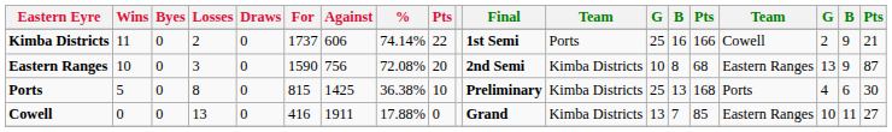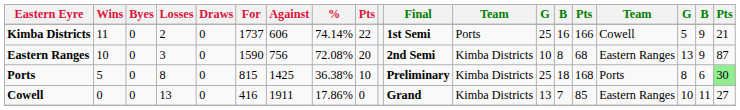 <table style="font-size: 85%; text-align: left;" class="wikitable">
 <tr>
 <th style="color:crimson">Eastern Eyre</th>
 <th style="color:crimson">Wins</th>
 <th style="color:crimson">Byes</th>
 <th style="color:crimson">Losses</th>
 <th style="color:crimson">Draws</th>
 <th style="color:crimson">For</th>
 <th style="color:crimson">Against</th>
 <th style="color:crimson">%</th>
 <th style="color:crimson">Pts</th>
 <th></th>
 <th style="color:green">Final</th>
 <th style="color:green">Team</th>
 <th style="color:green">G</th>
 <th style="color:green">B</th>
 <th style="color:green">Pts</th>
 <th style="color:green">Team</th>
 <th style="color:green">G</th>
 <th style="color:green">B</th>
 <th style="color:green">Pts</th>
 </tr>
 <tr>
 </tr>
 <tr>
 </tr>
 <tr>
 <td><strong>	Kimba Districts	</strong></td>
 <td>11</td>
 <td>0</td>
 <td>2</td>
 <td>0</td>
 <td>1737</td>
 <td>606</td>
 <td>74.14%</td>
 <td>22</td>
 <td></td>
 <td><strong>1st Semi</strong></td>
 <td>Ports</td>
 <td>25</td>
 <td>16</td>
 <td>166</td>
 <td>Cowell</td>
-<td>2</td>
+<td>5</td>
 <td>9</td>
 <td>21</td>
 </tr>
 <tr>
 <td><strong>	Eastern Ranges	</strong></td>
 <td>10</td>
 <td>0</td>
 <td>3</td>
 <td>0</td>
 <td>1590</td>
 <td>756</td>
 <td>72.08%</td>
 <td>20</td>
 <td></td>
 <td><strong>2nd Semi</strong></td>
 <td>Kimba Districts</td>
 <td>10</td>
 <td>8</td>
 <td>68</td>
 <td>Eastern Ranges</td>
 <td>13</td>
 <td>9</td>
 <td>87</td>
 </tr>
 <tr>
 <td><strong>	Ports	</strong></td>
 <td>5</td>
 <td>0</td>
 <td>8</td>
 <td>0</td>
 <td>815</td>
 <td>1425</td>
 <td>36.38%</td>
 <td>10</td>
 <td></td>
 <td><strong>Preliminary</strong></td>
 <td>Kimba Districts</td>
 <td>25</td>
-<td>13</td>
+<td>18</td>
 <td>168</td>
 <td>Ports</td>
-<td>4</td>
+<td>8</td>
 <td>6</td>
-<td>30</td>
+<td style="background: lightgreen;">30</td>
 </tr>
 <tr>
 <td><strong>	Cowell	</strong></td>
 <td>0</td>
 <td>0</td>
 <td>13</td>
 <td>0</td>
 <td>416</td>
 <td>1911</td>
-<td>17.88%</td>
+<td>17.86%</td>
 <td>0</td>
 <td></td>
 <td><strong>Grand</strong></td>
 <td>Kimba Districts</td>
 <td>13</td>
 <td>7</td>
 <td>85</td>
 <td>Eastern Ranges</td>
 <td>10</td>
 <td>11</td>
 <td>27</td>
 </tr>
 <tr>
 </tr>
 </table>
